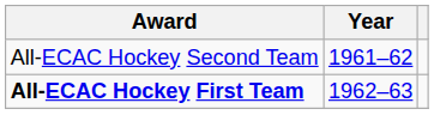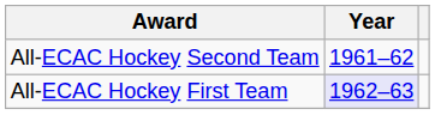 <table class="wikitable">
 <tr>
 <th>Award</th>
 <th>Year</th>
 <th></th>
 </tr>
 <tr>
 <td>All-<a href='#'>ECAC Hockey</a> <a href='#'>Second Team</a></td>
 <td><a href='#'>1961–62</a></td>
 <td></td>
 </tr>
 <tr>
-<td><strong>All-<a href='#'>ECAC Hockey</a> <a href='#'>First Team</a></strong></td>
-<td><a href='#'>1962–63</a></td>
+<td>All-<a href='#'>ECAC Hockey</a> <a href='#'>First Team</a></td>
+<td style="background: lavender;"><a href='#'>1962–63</a></td>
 <td></td>
 </tr>
 <tr>
 </tr>
 </table>
